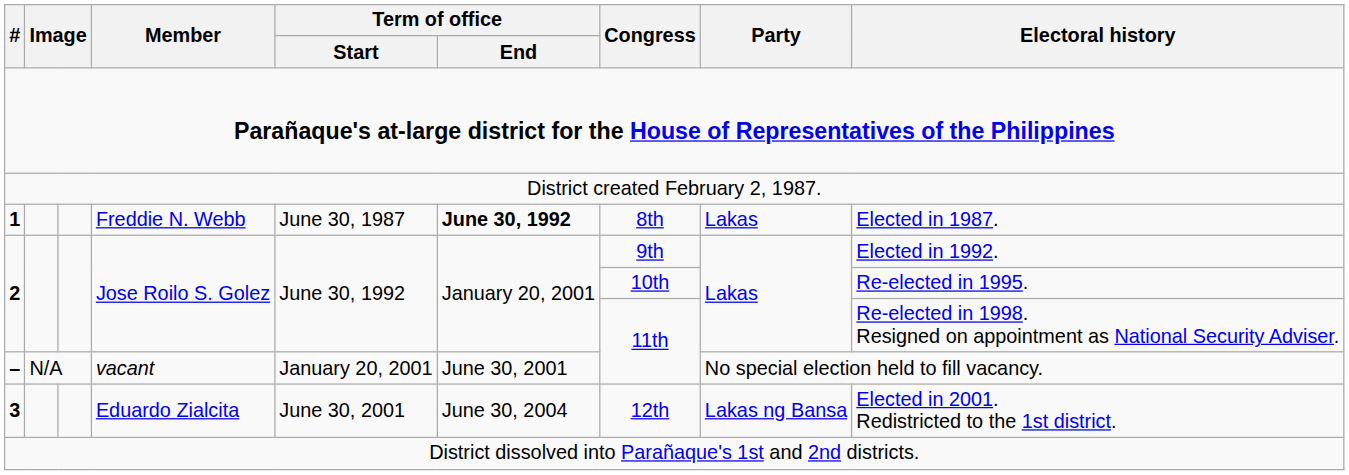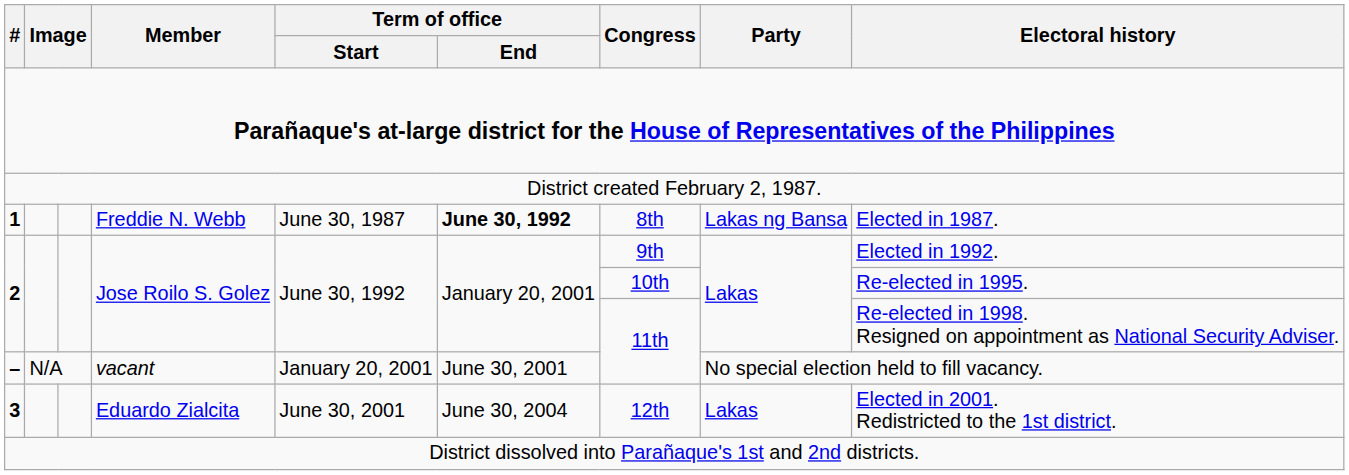 <table class=wikitable>
 <tr>
 <th rowspan="2">#</th>
 <th rowspan="2" colspan=2>Image</th>
 <th rowspan="2">Member</th>
 <th colspan=2>Term of office</th>
 <th rowspan="2">Congress</th>
 <th rowspan="2">Party</th>
 <th rowspan="2">Electoral history</th>
 </tr>
 <tr>
 <th>Start</th>
 <th>End</th>
 </tr>
 <tr>
 <td colspan="9" style="text-align:center;"><br><h3>Parañaque's at-large district for the <a href='#'>House of Representatives of the Philippines</a></h3></td>
 </tr>
 <tr>
 <td colspan="9" style="text-align:center;">District created February 2, 1987.</td>
 </tr>
 <tr>
 <td style="text-align:center;"><strong>1</strong></td>
 <td style="color:inherit;background:"></td>
 <td></td>
 <td><a href='#'>Freddie N. Webb</a></td>
 <td>June 30, 1987</td>
 <td><strong>June 30, 1992</strong></td>
 <td style="text-align:center;"><a href='#'>8th</a></td>
-<td><a href='#'>Lakas</a></td>
+<td><a href='#'>Lakas ng Bansa</a></td>
 <td><a href='#'>Elected in 1987</a>.</td>
 </tr>
 <tr>
 <td rowspan="3" style="text-align:center;"><strong>2</strong></td>
 <td rowspan="3" style="color:inherit;background:"></td>
 <td rowspan=3></td>
 <td rowspan=3><a href='#'>Jose Roilo S. Golez</a></td>
 <td rowspan=3>June 30, 1992</td>
 <td rowspan=3>January 20, 2001</td>
 <td style="text-align:center;"><a href='#'>9th</a></td>
 <td rowspan="3"><a href='#'>Lakas</a></td>
 <td><a href='#'>Elected in 1992</a>.</td>
 </tr>
 <tr>
 <td style="text-align:center;"><a href='#'>10th</a></td>
 <td><a href='#'>Re-elected in 1995</a>.</td>
 </tr>
 <tr>
 <td rowspan="2" style="text-align:center;"><a href='#'>11th</a></td>
 <td><a href='#'>Re-elected in 1998</a>.<br> Resigned on appointment as <a href='#'>National Security Adviser</a>.</td>
 </tr>
 <tr>
 <td style="text-align:center;"><strong>–</strong></td>
 <td colspan="2">N/A</td>
 <td><em>vacant</em></td>
 <td>January 20, 2001</td>
 <td>June 30, 2001</td>
 <td colspan=2>No special election held to fill vacancy.</td>
 </tr>
 <tr>
 <td style="text-align:center;"><strong>3</strong></td>
 <td style="color:inherit;background:"></td>
 <td></td>
 <td><a href='#'>Eduardo Zialcita</a></td>
 <td>June 30, 2001</td>
 <td>June 30, 2004</td>
 <td style="text-align:center;"><a href='#'>12th</a></td>
-<td><a href='#'>Lakas ng Bansa</a></td>
+<td><a href='#'>Lakas</a></td>
 <td><a href='#'>Elected in 2001</a>.<br>Redistricted to the <a href='#'>1st district</a>.</td>
 </tr>
 <tr>
 <td colspan="9" style="text-align:center;">District dissolved into <a href='#'>Parañaque's 1st</a> and <a href='#'>2nd</a> districts.</td>
 </tr>
 </table>
